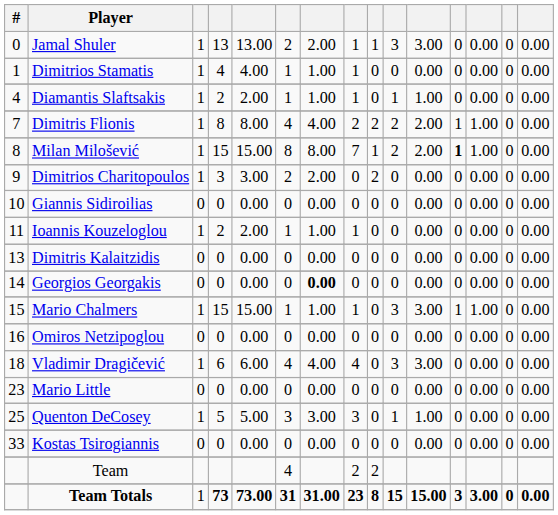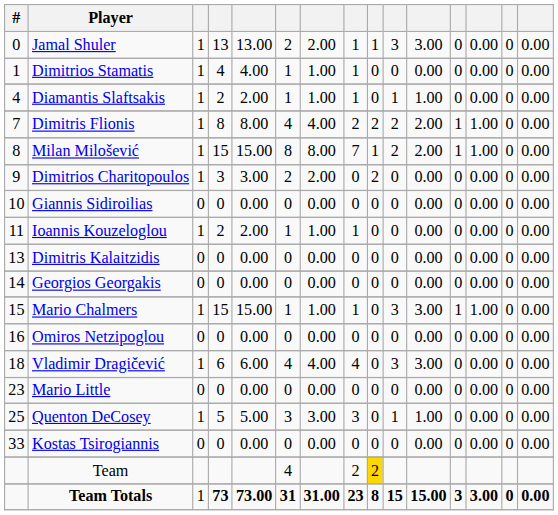 <table class="wikitable sortable" style="font-size:90%; text-align:center;">
 <tr>
 <th>#</th>
 <th>Player</th>
 <th></th>
 <th></th>
 <th></th>
 <th></th>
 <th></th>
 <th></th>
 <th></th>
 <th></th>
 <th></th>
 <th></th>
 <th></th>
 <th></th>
 <th></th>
 </tr>
 <tr>
 <td>0</td>
 <td align="left"> <a href='#'>Jamal Shuler</a></td>
 <td>1</td>
 <td>13</td>
 <td>13.00</td>
 <td>2</td>
 <td>2.00</td>
 <td>1</td>
 <td>1</td>
 <td>3</td>
 <td>3.00</td>
 <td>0</td>
 <td>0.00</td>
 <td>0</td>
 <td>0.00</td>
 </tr>
 <tr>
 </tr>
 <tr>
 <td>1</td>
 <td align="left"> <a href='#'>Dimitrios Stamatis</a></td>
 <td>1</td>
 <td>4</td>
 <td>4.00</td>
 <td>1</td>
 <td>1.00</td>
 <td>1</td>
 <td>0</td>
 <td>0</td>
 <td>0.00</td>
 <td>0</td>
 <td>0.00</td>
 <td>0</td>
 <td>0.00</td>
 </tr>
 <tr>
 </tr>
 <tr>
 <td>4</td>
 <td align="left"> <a href='#'>Diamantis Slaftsakis</a></td>
 <td>1</td>
 <td>2</td>
 <td>2.00</td>
 <td>1</td>
 <td>1.00</td>
 <td>1</td>
 <td>0</td>
 <td>1</td>
 <td>1.00</td>
 <td>0</td>
 <td>0.00</td>
 <td>0</td>
 <td>0.00</td>
 </tr>
 <tr>
 </tr>
 <tr>
 <td>7</td>
 <td align="left"> <a href='#'>Dimitris Flionis</a></td>
 <td>1</td>
 <td>8</td>
 <td>8.00</td>
 <td>4</td>
 <td>4.00</td>
 <td>2</td>
 <td>2</td>
 <td>2</td>
 <td>2.00</td>
 <td>1</td>
 <td>1.00</td>
 <td>0</td>
 <td>0.00</td>
 </tr>
 <tr>
 </tr>
 <tr>
 <td>8</td>
 <td align="left"> <a href='#'>Milan Milošević</a></td>
 <td>1</td>
 <td>15</td>
 <td>15.00</td>
 <td>8</td>
 <td>8.00</td>
 <td>7</td>
 <td>1</td>
 <td>2</td>
 <td>2.00</td>
-<td><strong>1</strong></td>
+<td>1</td>
 <td>1.00</td>
 <td>0</td>
 <td>0.00</td>
 </tr>
 <tr>
 </tr>
 <tr>
 <td>9</td>
 <td align="left"> <a href='#'>Dimitrios Charitopoulos</a></td>
 <td>1</td>
 <td>3</td>
 <td>3.00</td>
 <td>2</td>
 <td>2.00</td>
 <td>0</td>
 <td>2</td>
 <td>0</td>
 <td>0.00</td>
 <td>0</td>
 <td>0.00</td>
 <td>0</td>
 <td>0.00</td>
 </tr>
 <tr>
 </tr>
 <tr>
 <td>10</td>
 <td align="left"> <a href='#'>Giannis Sidiroilias</a></td>
 <td>0</td>
 <td>0</td>
 <td>0.00</td>
 <td>0</td>
 <td>0.00</td>
 <td>0</td>
 <td>0</td>
 <td>0</td>
 <td>0.00</td>
 <td>0</td>
 <td>0.00</td>
 <td>0</td>
 <td>0.00</td>
 </tr>
 <tr>
 </tr>
 <tr>
 <td>11</td>
 <td align="left"> <a href='#'>Ioannis Kouzeloglou</a></td>
 <td>1</td>
 <td>2</td>
 <td>2.00</td>
 <td>1</td>
 <td>1.00</td>
 <td>1</td>
 <td>0</td>
 <td>0</td>
 <td>0.00</td>
 <td>0</td>
 <td>0.00</td>
 <td>0</td>
 <td>0.00</td>
 </tr>
 <tr>
 </tr>
 <tr>
 <td>13</td>
 <td align="left"> <a href='#'>Dimitris Kalaitzidis</a></td>
 <td>0</td>
 <td>0</td>
 <td>0.00</td>
 <td>0</td>
 <td>0.00</td>
 <td>0</td>
 <td>0</td>
 <td>0</td>
 <td>0.00</td>
 <td>0</td>
 <td>0.00</td>
 <td>0</td>
 <td>0.00</td>
 </tr>
 <tr>
 </tr>
 <tr>
 <td>14</td>
 <td align="left"> <a href='#'>Georgios Georgakis</a></td>
 <td>0</td>
 <td>0</td>
 <td>0.00</td>
 <td>0</td>
-<td><strong>0.00</strong></td>
+<td>0.00</td>
 <td>0</td>
 <td>0</td>
 <td>0</td>
 <td>0.00</td>
 <td>0</td>
 <td>0.00</td>
 <td>0</td>
 <td>0.00</td>
 </tr>
 <tr>
 </tr>
 <tr>
 <td>15</td>
 <td align="left"> <a href='#'>Mario Chalmers</a></td>
 <td>1</td>
 <td>15</td>
 <td>15.00</td>
 <td>1</td>
 <td>1.00</td>
 <td>1</td>
 <td>0</td>
 <td>3</td>
 <td>3.00</td>
 <td>1</td>
 <td>1.00</td>
 <td>0</td>
 <td>0.00</td>
 </tr>
 <tr>
 </tr>
 <tr>
 <td>16</td>
 <td align="left"> <a href='#'>Omiros Netzipoglou</a></td>
 <td>0</td>
 <td>0</td>
 <td>0.00</td>
 <td>0</td>
 <td>0.00</td>
 <td>0</td>
 <td>0</td>
 <td>0</td>
 <td>0.00</td>
 <td>0</td>
 <td>0.00</td>
 <td>0</td>
 <td>0.00</td>
 </tr>
 <tr>
 </tr>
 <tr>
 <td>18</td>
 <td align="left"> <a href='#'>Vladimir Dragičević</a></td>
 <td>1</td>
 <td>6</td>
 <td>6.00</td>
 <td>4</td>
 <td>4.00</td>
 <td>4</td>
 <td>0</td>
 <td>3</td>
 <td>3.00</td>
 <td>0</td>
 <td>0.00</td>
 <td>0</td>
 <td>0.00</td>
 </tr>
 <tr>
 </tr>
 <tr>
 <td>23</td>
 <td align="left"> <a href='#'>Mario Little</a></td>
 <td>0</td>
 <td>0</td>
 <td>0.00</td>
 <td>0</td>
 <td>0.00</td>
 <td>0</td>
 <td>0</td>
 <td>0</td>
 <td>0.00</td>
 <td>0</td>
 <td>0.00</td>
 <td>0</td>
 <td>0.00</td>
 </tr>
 <tr>
 </tr>
 <tr>
 <td>25</td>
 <td align="left"> <a href='#'>Quenton DeCosey</a></td>
 <td>1</td>
 <td>5</td>
 <td>5.00</td>
 <td>3</td>
 <td>3.00</td>
 <td>3</td>
 <td>0</td>
 <td>1</td>
 <td>1.00</td>
 <td>0</td>
 <td>0.00</td>
 <td>0</td>
 <td>0.00</td>
 </tr>
 <tr>
 </tr>
 <tr>
 <td>33</td>
 <td align="left"> <a href='#'>Kostas Tsirogiannis</a></td>
 <td>0</td>
 <td>0</td>
 <td>0.00</td>
 <td>0</td>
 <td>0.00</td>
 <td>0</td>
 <td>0</td>
 <td>0</td>
 <td>0.00</td>
 <td>0</td>
 <td>0.00</td>
 <td>0</td>
 <td>0.00</td>
 </tr>
 <tr>
 </tr>
 <tr>
 <td></td>
 <td>Team</td>
 <td></td>
 <td></td>
 <td></td>
 <td>4</td>
 <td></td>
 <td>2</td>
-<td>2</td>
+<td style="background: gold;">2</td>
 <td></td>
 <td></td>
 <td></td>
 <td></td>
 <td></td>
 <td></td>
 </tr>
 <tr>
 </tr>
 <tr>
 <td></td>
 <td><strong>Team Totals</strong></td>
 <td>1</td>
 <td><strong>73</strong></td>
 <td><strong>73.00</strong></td>
 <td><strong>31</strong></td>
 <td><strong>31.00</strong></td>
 <td><strong>23</strong></td>
 <td><strong>8</strong></td>
 <td><strong>15</strong></td>
 <td><strong>15.00</strong></td>
 <td><strong>3</strong></td>
 <td><strong>3.00</strong></td>
 <td><strong>0</strong></td>
 <td><strong>0.00</strong></td>
 </tr>
 <tr>
 </tr>
 </table>
